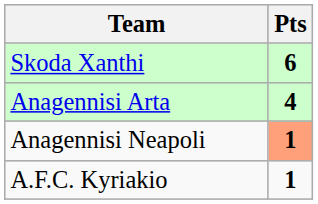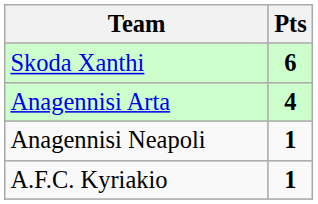 <table class="wikitable" style="text-align: center;">
 <tr>
 <th width=165>Team</th>
 <th width=20>Pts</th>
 </tr>
 <tr bgcolor="#ccffcc">
 <td align=left><a href='#'>Skoda Xanthi</a></td>
 <td><strong>6</strong></td>
 </tr>
 <tr bgcolor="#ccffcc">
 <td align=left><a href='#'>Anagennisi Arta</a></td>
 <td><strong>4</strong></td>
 </tr>
 <tr>
 <td align=left>Anagennisi Neapoli</td>
-<td style="background: lightsalmon;"><strong>1</strong></td>
+<td><strong>1</strong></td>
 </tr>
 <tr>
 <td align=left>A.F.C. Kyriakio</td>
 <td><strong>1</strong></td>
 </tr>
 </table>
